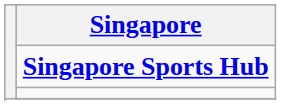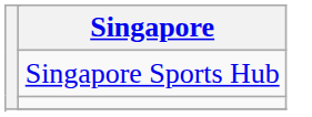 <table class="wikitable" style="text-align:center">
 <tr>
 <th rowspan="4" colspan="2"></th>
 <th><a href='#'>Singapore</a></th>
 </tr>
 <tr>
-<td><strong><a href='#'>Singapore Sports Hub</a></strong></td>
+<td><a href='#'>Singapore Sports Hub</a></td>
 </tr>
 <tr>
 <td></td>
 </tr>
 <tr>
 </tr>
 </table>
